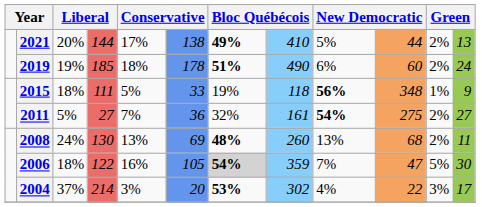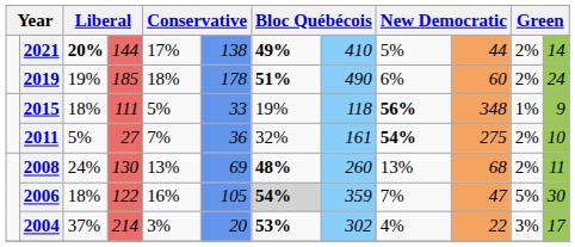 <table class="wikitable" style="float:center; width:400; font-size:90%; margin-left:1em;">
 <tr>
 <th colspan="2" scope="col">Year</th>
 <th colspan="2" scope="col"><a href='#'>Liberal</a></th>
 <th colspan="2" scope="col"><a href='#'>Conservative</a></th>
 <th colspan="2" scope="col"><a href='#'>Bloc Québécois</a></th>
 <th colspan="2" scope="col"><a href='#'>New Democratic</a></th>
 <th colspan="2" scope="col"><a href='#'>Green</a></th>
 </tr>
 <tr>
 <td rowspan="2" style="width: 0.25em; background-color: "></td>
 <th><a href='#'>2021</a></th>
-<td>20%</td>
+<td><strong>20%</strong></td>
 <td style="text-align:right; background:#EA6D6A;"><em>144</em></td>
 <td>17%</td>
 <td style="text-align:right; background:#6495ED;"><em>138</em></td>
 <td><strong>49%</strong></td>
 <td style="text-align:right; background:#87CEFA;"><em>410</em></td>
 <td>5%</td>
 <td style="text-align:right; background:#F4A460;"><em>44</em></td>
 <td>2%</td>
-<td style="text-align:right; background:#99C955;"><em>13</em></td>
+<td style="text-align:right; background:#99C955;"><em>14</em></td>
 </tr>
 <tr>
 <th><a href='#'>2019</a></th>
 <td>19%</td>
 <td style="text-align:right; background:#EA6D6A;"><em>185</em></td>
 <td>18%</td>
 <td style="text-align:right; background:#6495ED;"><em>178</em></td>
 <td><strong>51%</strong></td>
 <td style="text-align:right; background:#87CEFA;"><em>490</em></td>
 <td>6%</td>
 <td style="text-align:right; background:#F4A460;"><em>60</em></td>
 <td>2%</td>
 <td style="text-align:right; background:#99C955;"><em>24</em></td>
 </tr>
 <tr>
 <td rowspan="2" style="width: 0.25em; background-color: "></td>
 <th><a href='#'>2015</a></th>
 <td>18%</td>
 <td style="text-align:right; background:#EA6D6A;"><em>111</em></td>
 <td>5%</td>
 <td style="text-align:right; background:#6495ED;"><em>33</em></td>
 <td>19%</td>
 <td style="text-align:right; background:#87CEFA;"><em>118</em></td>
 <td><strong>56%</strong></td>
 <td style="text-align:right; background:#F4A460;"><em>348</em></td>
 <td>1%</td>
 <td style="text-align:right; background:#99C955;"><em>9</em></td>
 </tr>
 <tr>
 <th><a href='#'>2011</a></th>
 <td>5%</td>
 <td style="text-align:right; background:#EA6D6A;"><em>27</em></td>
 <td>7%</td>
 <td style="text-align:right; background:#6495ED;"><em>36</em></td>
 <td>32%</td>
 <td style="text-align:right; background:#87CEFA;"><em>161</em></td>
 <td><strong>54%</strong></td>
 <td style="text-align:right; background:#F4A460;"><em>275</em></td>
 <td>2%</td>
-<td style="text-align:right; background:#99C955;"><em>27</em></td>
+<td style="text-align:right; background:#99C955;"><em>10</em></td>
 </tr>
 <tr>
 <td rowspan="3" style="width: 0.25em; background-color: "></td>
 <th><a href='#'>2008</a></th>
 <td>24%</td>
 <td style="text-align:right; background:#EA6D6A;"><em>130</em></td>
 <td>13%</td>
 <td style="text-align:right; background:#6495ED;"><em>69</em></td>
 <td><strong>48%</strong></td>
 <td style="text-align:right; background:#87CEFA;"><em>260</em></td>
 <td>13%</td>
 <td style="text-align:right; background:#F4A460;"><em>68</em></td>
 <td>2%</td>
 <td style="text-align:right; background:#99C955;"><em>11</em></td>
 </tr>
 <tr>
 <th><a href='#'>2006</a></th>
 <td>18%</td>
 <td style="text-align:right; background:#EA6D6A;"><em>122</em></td>
 <td>16%</td>
 <td style="text-align:right; background:#6495ED;"><em>105</em></td>
 <td style="background: lightgrey;"><strong>54%</strong></td>
 <td style="text-align:right; background:#87CEFA;"><em>359</em></td>
 <td>7%</td>
 <td style="text-align:right; background:#F4A460;"><em>47</em></td>
 <td>5%</td>
 <td style="text-align:right; background:#99C955;"><em>30</em></td>
 </tr>
 <tr>
 <th><a href='#'>2004</a></th>
 <td>37%</td>
 <td style="text-align:right; background:#EA6D6A;"><em>214</em></td>
 <td>3%</td>
 <td style="text-align:right; background:#6495ED;"><em>20</em></td>
 <td><strong>53%</strong></td>
 <td style="text-align:right; background:#87CEFA;"><em>302</em></td>
 <td>4%</td>
 <td style="text-align:right; background:#F4A460;"><em>22</em></td>
 <td>3%</td>
 <td style="text-align:right; background:#99C955;"><em>17</em></td>
 </tr>
 <tr>
 </tr>
 </table>
